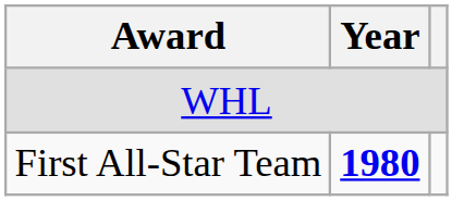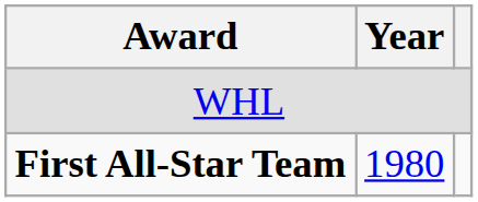 <table class="wikitable">
 <tr>
 <th>Award</th>
 <th>Year</th>
 <th></th>
 </tr>
 <tr ALIGN="center" bgcolor="#e0e0e0">
 <td colspan="3"><a href='#'>WHL</a></td>
 </tr>
 <tr>
-<td>First All-Star Team</td>
-<td><strong><a href='#'>1980</a></strong></td>
+<td><strong>First All-Star Team</strong></td>
+<td><a href='#'>1980</a></td>
 <td></td>
 </tr>
 </table>
